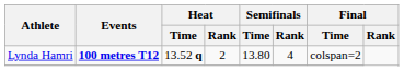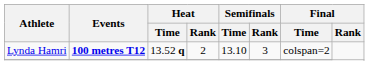 <table class=wikitable style="text-align: center; font-size:90%">
 <tr>
 <th rowspan="2">Athlete</th>
 <th rowspan="2">Events</th>
 <th colspan="2">Heat</th>
 <th colspan="2">Semifinals</th>
 <th colspan="2">Final</th>
 </tr>
 <tr>
 <th>Time</th>
 <th>Rank</th>
 <th>Time</th>
 <th>Rank</th>
 <th>Time</th>
 <th>Rank</th>
 </tr>
 <tr>
 <td align=left><a href='#'>Lynda Hamri</a></td>
 <td align=left><strong><a href='#'>100 metres T12</a></strong></td>
 <td>13.52 <strong>q</strong></td>
 <td>2</td>
-<td>13.80</td>
-<td>4</td>
+<td>13.10</td>
+<td>3</td>
 <td>colspan=2</td>
 </tr>
 <tr>
 </tr>
 </table>
